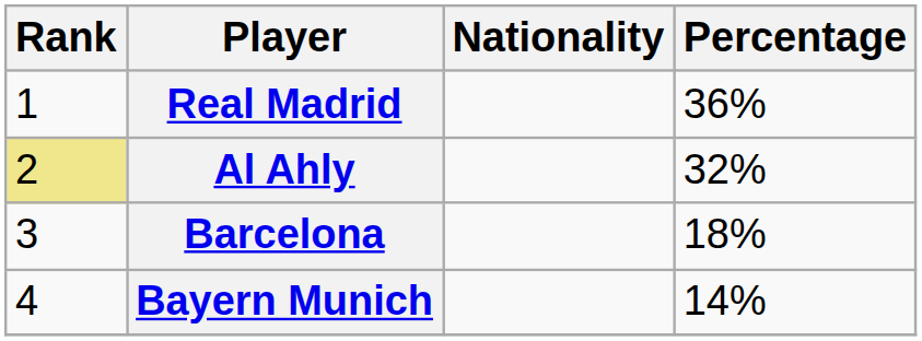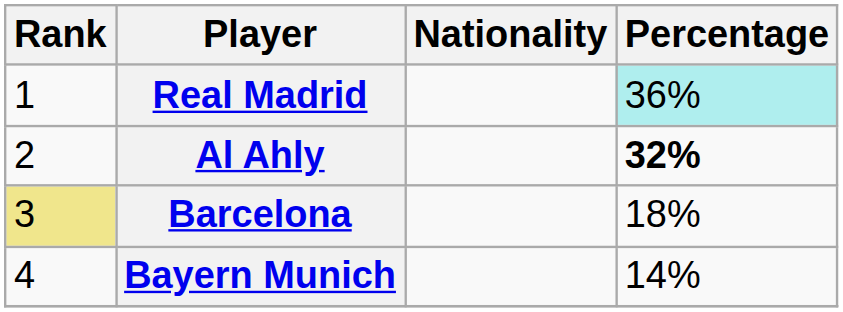 <table class="wikitable sortable">
 <tr>
 <th scope=col>Rank</th>
 <th scope=col>Player</th>
 <th scope=col>Nationality</th>
 <th scope=col>Percentage</th>
 </tr>
 <tr>
 <td>1</td>
 <th scope=row><a href='#'>Real Madrid</a></th>
 <td></td>
-<td>36%</td>
+<td style="background: paleturquoise;">36%</td>
 </tr>
 <tr>
-<td style="background: khaki;">2</td>
+<td>2</td>
 <th scope=row><a href='#'>Al Ahly </a></th>
 <td></td>
-<td>32%</td>
+<td><strong>32%</strong></td>
 </tr>
 <tr>
-<td>3</td>
+<td style="background: khaki;">3</td>
 <th scope=row><a href='#'>Barcelona</a></th>
 <td></td>
 <td>18%</td>
 </tr>
 <tr>
 <td>4</td>
 <th scope=row><a href='#'>Bayern Munich</a></th>
 <td></td>
 <td>14%</td>
 </tr>
 <tr>
 </tr>
 </table>
